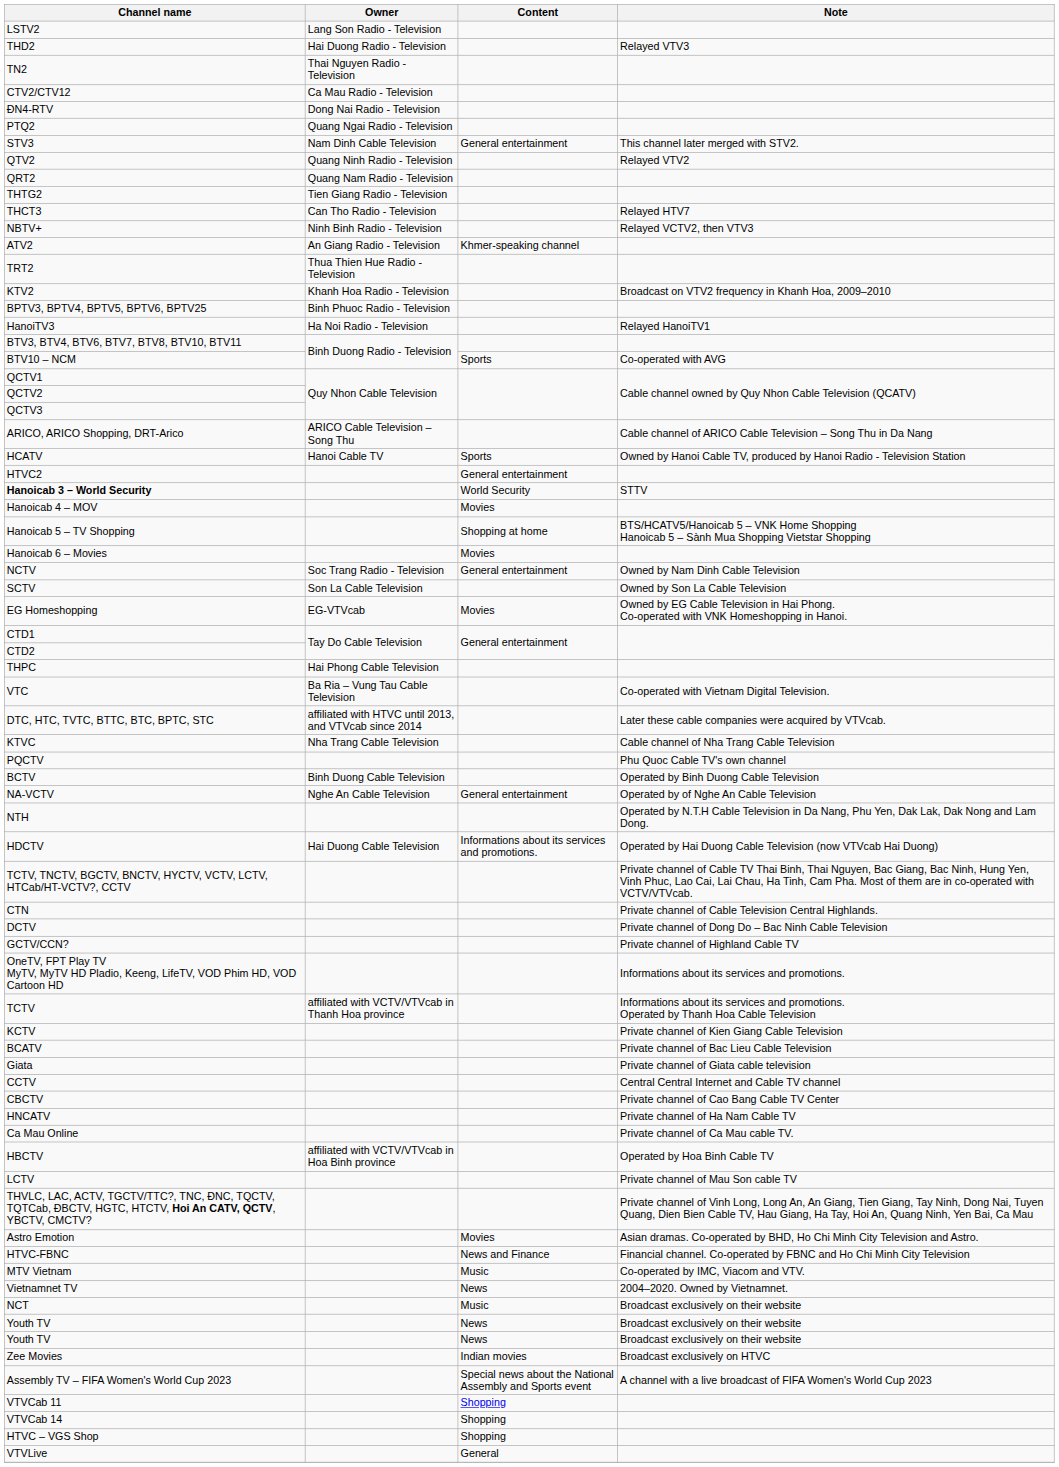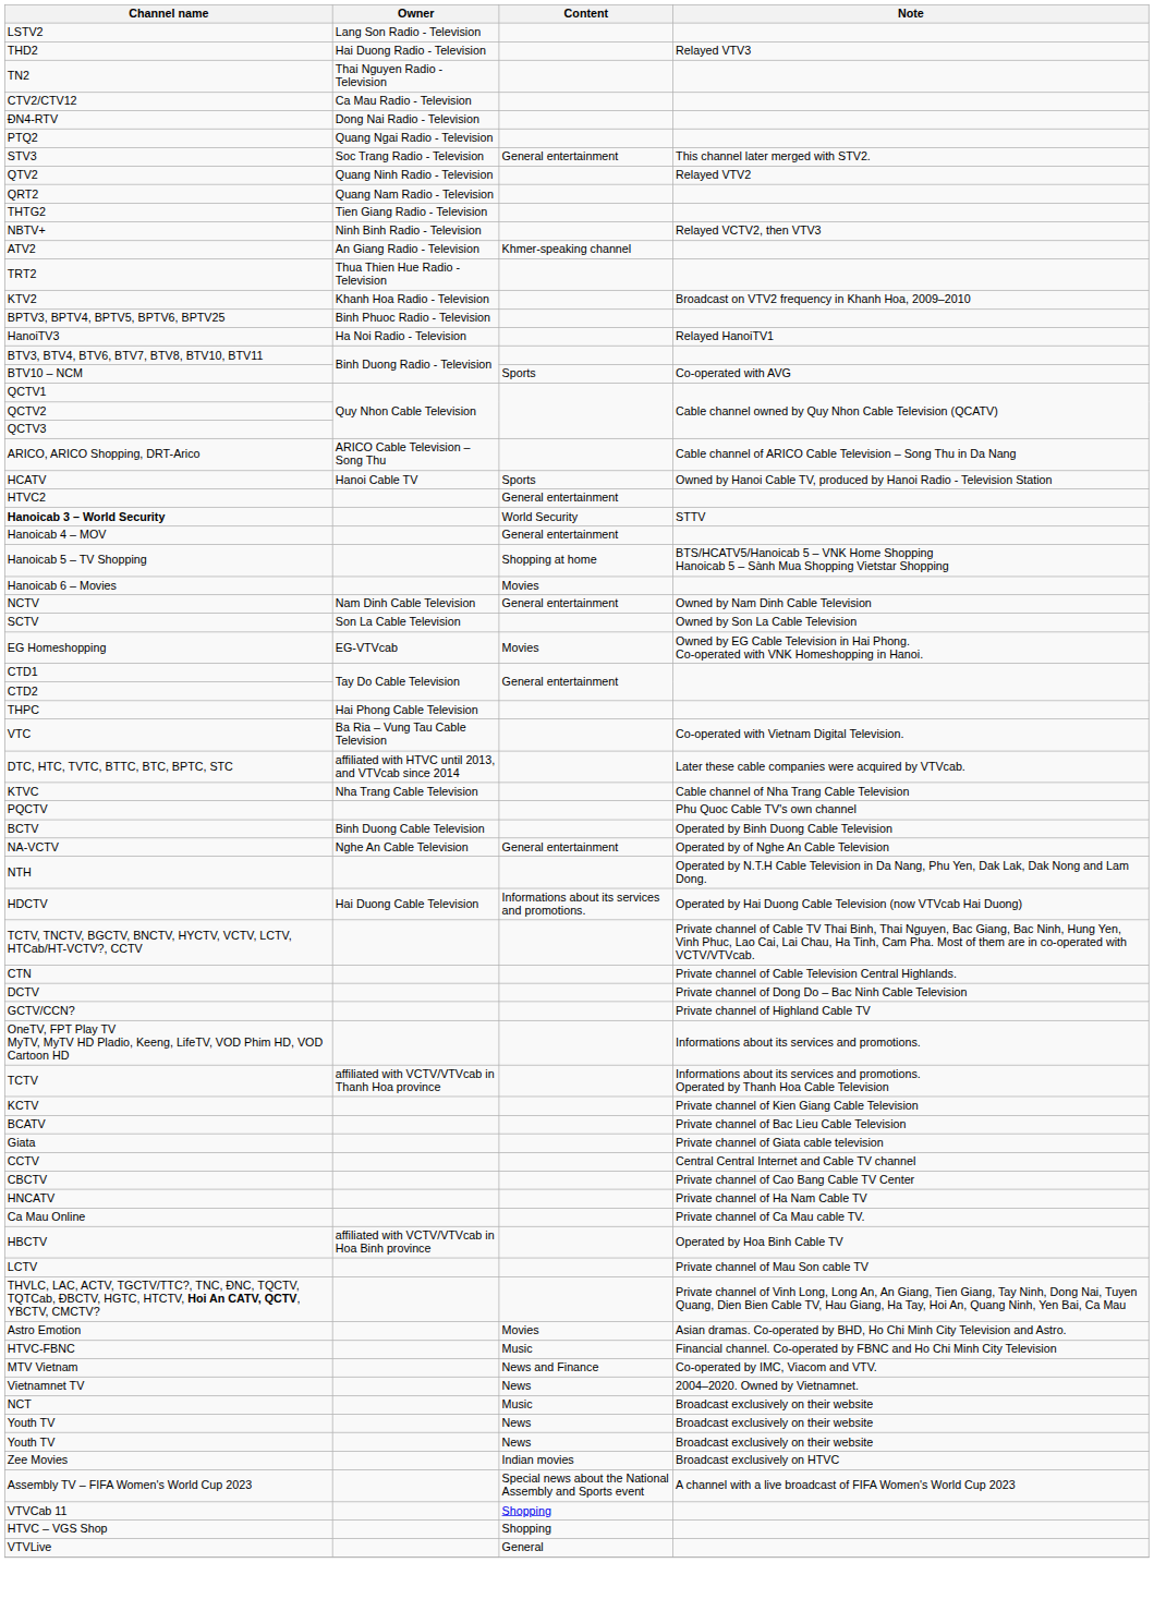 <table class="wikitable">
 <tr>
 <th>Channel name</th>
 <th>Owner</th>
 <th>Content</th>
 <th>Note</th>
 </tr>
 <tr>
 <td>LSTV2</td>
 <td>Lang Son Radio - Television</td>
 <td></td>
 <td></td>
 </tr>
 <tr>
 <td>THD2</td>
 <td>Hai Duong Radio - Television</td>
 <td></td>
 <td>Relayed VTV3</td>
 </tr>
 <tr>
 <td>TN2</td>
 <td>Thai Nguyen Radio - Television</td>
 <td></td>
 <td></td>
 </tr>
 <tr>
 <td>CTV2/CTV12</td>
 <td>Ca Mau Radio - Television</td>
 <td></td>
 <td></td>
 </tr>
 <tr>
 <td>ĐN4-RTV</td>
 <td>Dong Nai Radio - Television</td>
 <td></td>
 <td></td>
 </tr>
 <tr>
 <td>PTQ2</td>
 <td>Quang Ngai Radio - Television</td>
 <td></td>
 <td></td>
 </tr>
 <tr>
 <td>STV3</td>
-<td>Nam Dinh Cable Television</td>
+<td>Soc Trang Radio - Television</td>
 <td>General entertainment</td>
 <td>This channel later merged with STV2.</td>
 </tr>
 <tr>
 <td>QTV2</td>
 <td>Quang Ninh Radio - Television</td>
 <td></td>
 <td>Relayed VTV2</td>
 </tr>
 <tr>
 <td>QRT2</td>
 <td>Quang Nam Radio - Television</td>
 <td></td>
 <td></td>
 </tr>
 <tr>
 <td>THTG2</td>
 <td>Tien Giang Radio - Television</td>
 <td></td>
 <td></td>
-</tr>
-<tr>
-<td>THCT3</td>
-<td>Can Tho Radio - Television</td>
-<td></td>
-<td>Relayed HTV7</td>
 </tr>
 <tr>
 <td>NBTV+</td>
 <td>Ninh Binh Radio - Television</td>
 <td></td>
 <td>Relayed VCTV2, then VTV3</td>
 </tr>
 <tr>
 <td>ATV2</td>
 <td>An Giang Radio - Television</td>
 <td>Khmer-speaking channel</td>
 <td></td>
 </tr>
 <tr>
 <td>TRT2</td>
 <td>Thua Thien Hue Radio - Television</td>
 <td></td>
 <td></td>
 </tr>
 <tr>
 <td>KTV2</td>
 <td>Khanh Hoa Radio - Television</td>
 <td></td>
 <td>Broadcast on VTV2 frequency in Khanh Hoa, 2009–2010</td>
 </tr>
 <tr>
 <td>BPTV3, BPTV4, BPTV5, BPTV6, BPTV25</td>
 <td>Binh Phuoc Radio - Television</td>
 <td></td>
 <td></td>
 </tr>
 <tr>
 <td>HanoiTV3</td>
 <td>Ha Noi Radio - Television</td>
 <td></td>
 <td>Relayed HanoiTV1</td>
 </tr>
 <tr>
 <td>BTV3, BTV4, BTV6, BTV7, BTV8, BTV10, BTV11</td>
 <td rowspan="2">Binh Duong Radio -  Television</td>
 <td></td>
 <td></td>
 </tr>
 <tr>
 <td>BTV10 – NCM</td>
 <td>Sports</td>
 <td>Co-operated with AVG</td>
 </tr>
 <tr>
 <td>QCTV1</td>
 <td rowspan="3">Quy Nhon Cable Television</td>
 <td rowspan="3"></td>
 <td rowspan="3">Cable channel owned by Quy Nhon Cable Television (QCATV)</td>
 </tr>
 <tr>
 <td>QCTV2</td>
 </tr>
 <tr>
 <td>QCTV3</td>
 </tr>
 <tr>
 <td>ARICO, ARICO Shopping, DRT-Arico</td>
 <td>ARICO Cable Television – Song Thu</td>
 <td></td>
 <td>Cable channel of ARICO Cable Television – Song Thu in Da Nang</td>
 </tr>
 <tr>
 <td>HCATV</td>
 <td>Hanoi Cable TV</td>
 <td>Sports</td>
 <td>Owned by Hanoi Cable TV, produced by Hanoi Radio - Television Station</td>
 </tr>
 <tr>
 <td>HTVC2</td>
 <td></td>
 <td>General entertainment</td>
 <td></td>
 </tr>
 <tr>
 <td><strong>Hanoicab 3 – World Security</strong></td>
 <td></td>
 <td>World Security</td>
 <td>STTV</td>
 </tr>
 <tr>
 <td>Hanoicab 4 – MOV</td>
 <td></td>
-<td>Movies</td>
+<td>General entertainment</td>
 <td></td>
 </tr>
 <tr>
 <td>Hanoicab 5 – TV Shopping</td>
 <td></td>
 <td>Shopping at home</td>
 <td>BTS/HCATV5/Hanoicab 5 – VNK Home Shopping<br>Hanoicab 5 – Sành Mua Shopping  Vietstar Shopping</td>
 </tr>
 <tr>
 <td>Hanoicab 6 – Movies</td>
 <td></td>
 <td>Movies</td>
 <td></td>
 </tr>
 <tr>
 <td>NCTV</td>
-<td>Soc Trang Radio - Television</td>
+<td>Nam Dinh Cable Television</td>
 <td>General entertainment</td>
 <td>Owned by Nam Dinh Cable Television</td>
 </tr>
 <tr>
 <td>SCTV</td>
 <td>Son La Cable Television</td>
 <td></td>
 <td>Owned by Son La Cable Television</td>
 </tr>
 <tr>
 <td>EG Homeshopping</td>
 <td>EG-VTVcab</td>
 <td>Movies</td>
 <td>Owned by EG Cable Television in Hai Phong.<br>Co-operated with VNK Homeshopping in Hanoi.</td>
 </tr>
 <tr>
 <td>CTD1</td>
 <td rowspan="2">Tay Do Cable Television</td>
 <td rowspan="2">General entertainment</td>
 <td rowspan="2"></td>
 </tr>
 <tr>
 <td>CTD2</td>
 </tr>
 <tr>
 <td>THPC</td>
 <td>Hai Phong Cable Television</td>
 <td></td>
 <td></td>
 </tr>
 <tr>
 <td>VTC</td>
 <td>Ba Ria – Vung Tau Cable Television</td>
 <td></td>
 <td>Co-operated with Vietnam Digital Television.</td>
 </tr>
 <tr>
 <td>DTC, HTC, TVTC, BTTC, BTC, BPTC, STC</td>
 <td>affiliated with HTVC until 2013, and VTVcab since 2014</td>
 <td></td>
 <td>Later these cable companies were acquired by VTVcab.</td>
 </tr>
 <tr>
 <td>KTVC</td>
 <td>Nha Trang Cable Television</td>
 <td></td>
 <td>Cable channel of Nha Trang Cable Television </td>
 </tr>
 <tr>
 <td>PQCTV</td>
 <td></td>
 <td></td>
 <td>Phu Quoc Cable TV's own channel</td>
 </tr>
 <tr>
 <td>BCTV</td>
 <td>Binh Duong Cable Television</td>
 <td></td>
 <td>Operated by Binh Duong Cable Television</td>
 </tr>
 <tr>
 <td>NA-VCTV</td>
 <td>Nghe An Cable Television</td>
 <td>General entertainment</td>
 <td>Operated by of Nghe An Cable Television</td>
 </tr>
 <tr>
 <td>NTH</td>
 <td></td>
 <td></td>
 <td>Operated by N.T.H Cable Television in Da Nang, Phu Yen, Dak Lak, Dak Nong and Lam Dong.</td>
 </tr>
 <tr>
 <td>HDCTV</td>
 <td>Hai Duong Cable Television</td>
 <td>Informations about its services and promotions.</td>
 <td>Operated by Hai Duong Cable Television (now VTVcab Hai Duong)</td>
 </tr>
 <tr>
 <td>TCTV, TNCTV, BGCTV, BNCTV, HYCTV, VCTV, LCTV, HTCab/HT-VCTV?, CCTV</td>
 <td></td>
 <td></td>
 <td>Private channel of Cable TV Thai Binh, Thai Nguyen, Bac Giang, Bac Ninh, Hung Yen, Vinh Phuc, Lao Cai, Lai Chau, Ha Tinh, Cam Pha. Most of them are in co-operated with VCTV/VTVcab.</td>
 </tr>
 <tr>
 <td>CTN</td>
 <td></td>
 <td></td>
 <td>Private channel of Cable Television Central Highlands.</td>
 </tr>
 <tr>
 <td>DCTV</td>
 <td></td>
 <td></td>
 <td>Private channel of Dong Do – Bac Ninh Cable Television</td>
 </tr>
 <tr>
 <td>GCTV/CCN?</td>
 <td></td>
 <td></td>
 <td>Private channel of Highland Cable TV </td>
 </tr>
 <tr>
 <td>OneTV, FPT Play TV<br>MyTV, MyTV HD  Pladio, Keeng, LifeTV, VOD Phim HD, VOD Cartoon HD</td>
 <td></td>
 <td></td>
 <td>Informations about its services and promotions.</td>
 </tr>
 <tr>
 <td>TCTV</td>
 <td>affiliated with VCTV/VTVcab in Thanh Hoa province</td>
 <td></td>
 <td>Informations about its services and promotions.<br>Operated by Thanh Hoa Cable Television</td>
 </tr>
 <tr>
 <td>KCTV</td>
 <td></td>
 <td></td>
 <td>Private channel of Kien Giang Cable Television</td>
 </tr>
 <tr>
 <td>BCATV</td>
 <td></td>
 <td></td>
 <td>Private channel of Bac Lieu Cable Television</td>
 </tr>
 <tr>
 <td>Giata</td>
 <td></td>
 <td></td>
 <td>Private channel of Giata cable television</td>
 </tr>
 <tr>
 <td>CCTV</td>
 <td></td>
 <td></td>
 <td>Central Central Internet and Cable TV channel</td>
 </tr>
 <tr>
 <td>CBCTV</td>
 <td></td>
 <td></td>
 <td>Private channel of Cao Bang Cable TV Center</td>
 </tr>
 <tr>
 <td>HNCATV</td>
 <td></td>
 <td></td>
 <td>Private channel of Ha Nam Cable TV</td>
 </tr>
 <tr>
 <td>Ca Mau Online</td>
 <td></td>
 <td></td>
 <td>Private channel of Ca Mau cable TV.</td>
 </tr>
 <tr>
 <td>HBCTV</td>
 <td>affiliated with VCTV/VTVcab in Hoa Binh province</td>
 <td></td>
 <td>Operated by Hoa Binh Cable TV</td>
 </tr>
 <tr>
 <td>LCTV</td>
 <td></td>
 <td></td>
 <td>Private channel of Mau Son cable TV</td>
 </tr>
 <tr>
 <td>THVLC, LAC, ACTV, TGCTV/TTC?, TNC, ĐNC, TQCTV, TQTCab, ĐBCTV, HGTC, HTCTV, <strong>Hoi An CATV, QCTV</strong>, YBCTV, CMCTV?</td>
 <td></td>
 <td></td>
 <td>Private channel of Vinh Long, Long An, An Giang, Tien Giang, Tay Ninh, Dong Nai, Tuyen Quang, Dien Bien Cable TV, Hau Giang, Ha Tay, Hoi An, Quang Ninh, Yen Bai, Ca Mau</td>
 </tr>
 <tr>
 <td>Astro Emotion</td>
 <td></td>
 <td>Movies</td>
 <td>Asian dramas. Co-operated by BHD, Ho Chi Minh City Television and Astro.</td>
 </tr>
 <tr>
 <td>HTVC-FBNC</td>
 <td></td>
-<td>News and Finance</td>
+<td>Music</td>
 <td>Financial channel. Co-operated by FBNC and Ho Chi Minh City Television</td>
 </tr>
 <tr>
 <td>MTV Vietnam</td>
 <td></td>
-<td>Music</td>
+<td>News and Finance</td>
 <td>Co-operated by IMC, Viacom and VTV.</td>
 </tr>
 <tr>
 <td>Vietnamnet TV</td>
 <td></td>
 <td>News</td>
 <td>2004–2020. Owned by Vietnamnet.</td>
 </tr>
 <tr>
 <td>NCT</td>
 <td></td>
 <td>Music</td>
 <td>Broadcast exclusively on their website</td>
 </tr>
 <tr>
 <td>Youth TV</td>
 <td></td>
 <td>News</td>
 <td>Broadcast exclusively on their website</td>
 </tr>
 <tr>
 <td>Youth TV</td>
 <td></td>
 <td>News</td>
 <td>Broadcast exclusively on their website</td>
 </tr>
 <tr>
 <td>Zee Movies</td>
 <td></td>
 <td>Indian movies</td>
 <td>Broadcast exclusively on HTVC</td>
 </tr>
 <tr>
 <td>Assembly TV – FIFA Women's World Cup 2023</td>
 <td></td>
 <td>Special news about the National Assembly and Sports event</td>
 <td>A channel with a live broadcast of FIFA Women's World Cup 2023</td>
 </tr>
 <tr>
 <td>VTVCab 11</td>
 <td></td>
 <td><a href='#'>Shopping</a></td>
 <td></td>
 </tr>
 <tr>
-<td>VTVCab 14</td>
-<td></td>
-<td>Shopping</td>
-<td></td>
-</tr>
-<tr>
 <td>HTVC – VGS Shop </td>
 <td></td>
 <td>Shopping</td>
 <td></td>
 </tr>
 <tr>
 <td>VTVLive</td>
 <td></td>
 <td>General</td>
 <td></td>
 </tr>
 <tr>
 </tr>
 </table>
